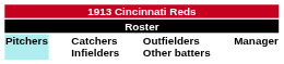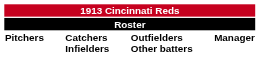 <table class="toccolours" style="font-size: 95%;">
 <tr>
 <th colspan="10" style="background-color: #c6011f; color: white; text-align: center;">1913 Cincinnati Reds</th>
 </tr>
 <tr>
 <td colspan="10" style="background-color: black; color: white; text-align: center;"><strong>Roster</strong></td>
 </tr>
 <tr>
-<td valign="top" style="background: paleturquoise;"><strong>Pitchers</strong><br>                   </td>
+<td valign="top"><strong>Pitchers</strong><br>                   </td>
 <td width="25px"></td>
 <td valign="top"><strong>Catchers</strong><br>     <strong>Infielders</strong>           </td>
 <td width="25px"></td>
 <td valign="top"><strong>Outfielders</strong><br>        <strong>Other batters</strong> </td>
 <td width="25px"></td>
 <td valign="top"><strong>Manager</strong><br></td>
 </tr>
 </table>
